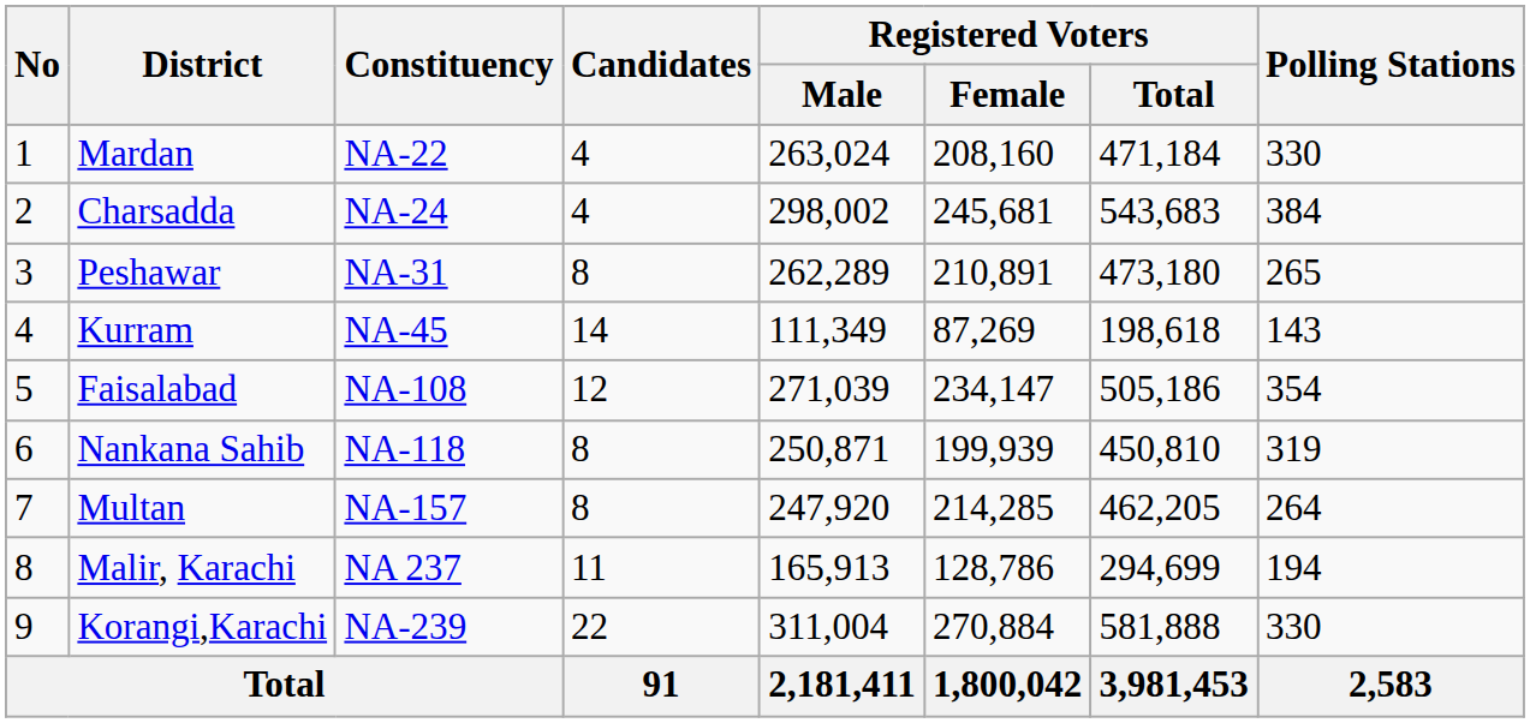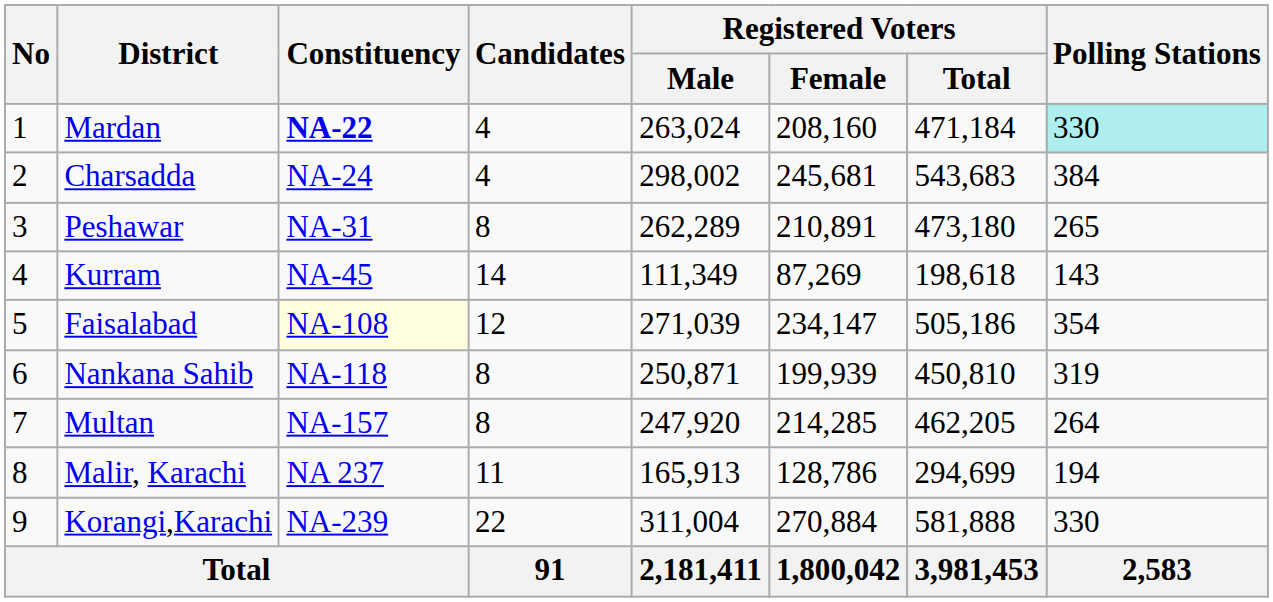 <table class="wikitable">
 <tr>
 <th rowspan="2">No</th>
 <th rowspan="2">District</th>
 <th rowspan="2">Constituency</th>
 <th rowspan="2">Candidates</th>
 <th colspan="3">Registered Voters</th>
 <th rowspan="2">Polling Stations</th>
 </tr>
 <tr>
 <th>Male</th>
 <th>Female</th>
 <th>Total</th>
 </tr>
 <tr>
 <td>1</td>
 <td><a href='#'>Mardan</a></td>
-<td><a href='#'>NA-22</a></td>
+<td><strong><a href='#'>NA-22</a></strong></td>
 <td>4</td>
 <td>263,024</td>
 <td>208,160</td>
 <td>471,184</td>
-<td>330</td>
+<td style="background: paleturquoise;">330</td>
 </tr>
 <tr>
 <td>2</td>
 <td><a href='#'>Charsadda</a></td>
 <td><a href='#'>NA-24</a></td>
 <td>4</td>
 <td>298,002</td>
 <td>245,681</td>
 <td>543,683</td>
 <td>384</td>
 </tr>
 <tr>
 <td>3</td>
 <td><a href='#'>Peshawar</a></td>
 <td><a href='#'>NA-31</a></td>
 <td>8</td>
 <td>262,289</td>
 <td>210,891</td>
 <td>473,180</td>
 <td>265</td>
 </tr>
 <tr>
 <td>4</td>
 <td><a href='#'>Kurram</a></td>
 <td><a href='#'>NA-45</a></td>
 <td>14</td>
 <td>111,349</td>
 <td>87,269</td>
 <td>198,618</td>
 <td>143</td>
 </tr>
 <tr>
 <td>5</td>
 <td><a href='#'>Faisalabad</a></td>
-<td><a href='#'>NA-108</a></td>
+<td style="background: lightyellow;"><a href='#'>NA-108</a></td>
 <td>12</td>
 <td>271,039</td>
 <td>234,147</td>
 <td>505,186</td>
 <td>354</td>
 </tr>
 <tr>
 <td>6</td>
 <td><a href='#'>Nankana Sahib</a></td>
 <td><a href='#'>NA-118</a></td>
 <td>8</td>
 <td>250,871</td>
 <td>199,939</td>
 <td>450,810</td>
 <td>319</td>
 </tr>
 <tr>
 <td>7</td>
 <td><a href='#'>Multan</a></td>
 <td><a href='#'>NA-157</a></td>
 <td>8</td>
 <td>247,920</td>
 <td>214,285</td>
 <td>462,205</td>
 <td>264</td>
 </tr>
 <tr>
 <td>8</td>
 <td><a href='#'>Malir</a>, <a href='#'>Karachi</a></td>
 <td><a href='#'>NA 237</a></td>
 <td>11</td>
 <td>165,913</td>
 <td>128,786</td>
 <td>294,699</td>
 <td>194</td>
 </tr>
 <tr>
 <td>9</td>
 <td><a href='#'>Korangi</a>,<a href='#'>Karachi</a></td>
 <td><a href='#'>NA-239</a></td>
 <td>22</td>
 <td>311,004</td>
 <td>270,884</td>
 <td>581,888</td>
 <td>330</td>
 </tr>
 <tr>
 <th colspan="3">Total</th>
 <th>91</th>
 <th>2,181,411</th>
 <th>1,800,042</th>
 <th>3,981,453</th>
 <th>2,583</th>
 </tr>
 </table>
